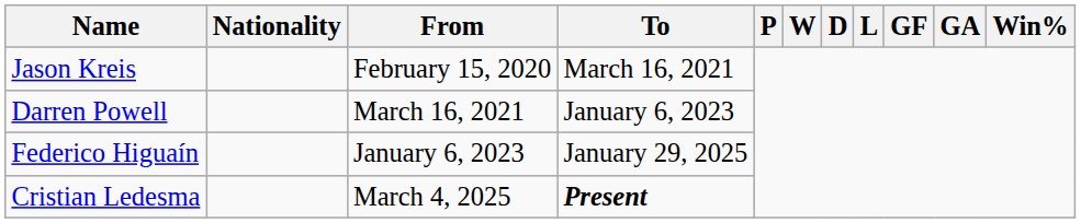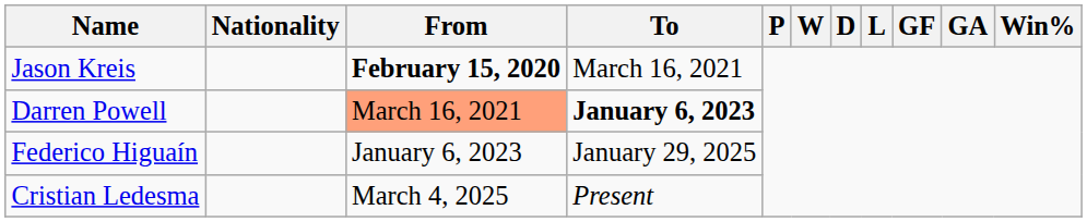 <table class="wikitable plainrowheaders sortable" style="text-align:center">
 <tr>
 <th>Name</th>
 <th>Nationality</th>
 <th>From</th>
 <th class="unsortable">To</th>
 <th>P</th>
 <th>W</th>
 <th>D</th>
 <th>L</th>
 <th>GF</th>
 <th>GA</th>
 <th>Win%</th>
 </tr>
 <tr>
 <td scope=row style=text-align:left><a href='#'>Jason Kreis</a></td>
 <td align=left></td>
-<td align=left>February 15, 2020</td>
+<td align=left><strong>February 15, 2020</strong></td>
 <td align=left>March 16, 2021<br></td>
 </tr>
 <tr>
 <td scope=row style=text-align:left><a href='#'>Darren Powell</a></td>
 <td align=left></td>
-<td align=left>March 16, 2021</td>
-<td align=left>January 6, 2023<br></td>
+<td align=left style="background: lightsalmon;">March 16, 2021</td>
+<td align=left><strong>January 6, 2023<br></strong></td>
 </tr>
 <tr>
 <td scope=row style=text-align:left><a href='#'>Federico Higuaín</a></td>
 <td align=left></td>
 <td align=left>January 6, 2023</td>
 <td align=left>January 29, 2025<br></td>
 </tr>
 <tr>
 <td scope=row style=text-align:left><a href='#'>Cristian Ledesma</a></td>
 <td align=left></td>
 <td align=left>March 4, 2025</td>
-<td align=left><strong><em>Present</em><br></strong></td>
+<td align=left><em>Present</em><br></td>
 </tr>
 </table>
